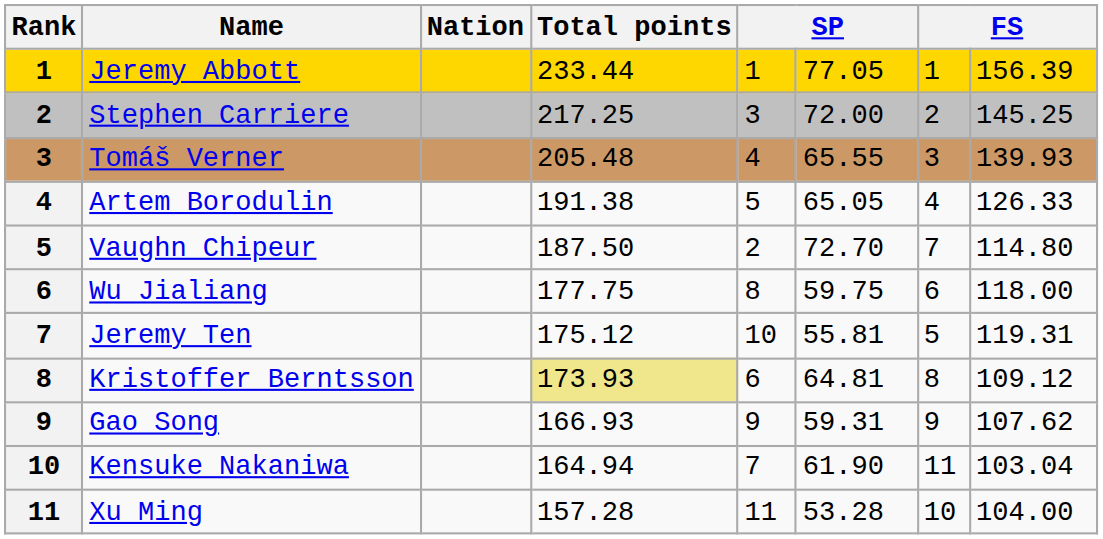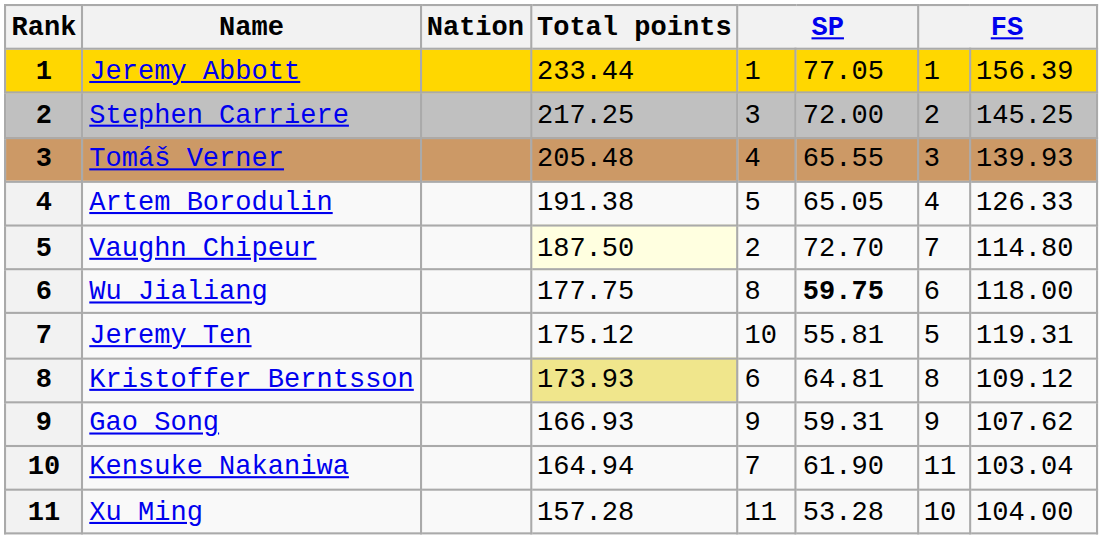 <table class="wikitable">
 <tr>
 <th>Rank</th>
 <th>Name</th>
 <th>Nation</th>
 <th>Total points</th>
 <th colspan="2" width="80px"><a href='#'>SP</a></th>
 <th colspan="2" width="80px"><a href='#'>FS</a></th>
 </tr>
 <tr bgcolor="gold">
 <td align="center"><strong>1</strong></td>
 <td><a href='#'>Jeremy Abbott</a></td>
 <td></td>
 <td>233.44</td>
 <td>1</td>
 <td>77.05</td>
 <td>1</td>
 <td>156.39</td>
 </tr>
 <tr bgcolor="silver">
 <td align="center"><strong>2</strong></td>
 <td><a href='#'>Stephen Carriere</a></td>
 <td></td>
 <td>217.25</td>
 <td>3</td>
 <td>72.00</td>
 <td>2</td>
 <td>145.25</td>
 </tr>
 <tr bgcolor="cc9966">
 <td align="center"><strong>3</strong></td>
 <td><a href='#'>Tomáš Verner</a></td>
 <td></td>
 <td>205.48</td>
 <td>4</td>
 <td>65.55</td>
 <td>3</td>
 <td>139.93</td>
 </tr>
 <tr>
 <th>4</th>
 <td><a href='#'>Artem Borodulin</a></td>
 <td></td>
 <td>191.38</td>
 <td>5</td>
 <td>65.05</td>
 <td>4</td>
 <td>126.33</td>
 </tr>
 <tr>
 <th>5</th>
 <td><a href='#'>Vaughn Chipeur</a></td>
 <td></td>
-<td>187.50</td>
+<td style="background: lightyellow;">187.50</td>
 <td>2</td>
 <td>72.70</td>
 <td>7</td>
 <td>114.80</td>
 </tr>
 <tr>
 <th>6</th>
 <td><a href='#'>Wu Jialiang</a></td>
 <td></td>
 <td>177.75</td>
 <td>8</td>
-<td>59.75</td>
+<td><strong>59.75</strong></td>
 <td>6</td>
 <td>118.00</td>
 </tr>
 <tr>
 <th>7</th>
 <td><a href='#'>Jeremy Ten</a></td>
 <td></td>
 <td>175.12</td>
 <td>10</td>
 <td>55.81</td>
 <td>5</td>
 <td>119.31</td>
 </tr>
 <tr>
 <th>8</th>
 <td><a href='#'>Kristoffer Berntsson</a></td>
 <td></td>
 <td style="background: khaki;">173.93</td>
 <td>6</td>
 <td>64.81</td>
 <td>8</td>
 <td>109.12</td>
 </tr>
 <tr>
 <th>9</th>
 <td><a href='#'>Gao Song</a></td>
 <td></td>
 <td>166.93</td>
 <td>9</td>
 <td>59.31</td>
 <td>9</td>
 <td>107.62</td>
 </tr>
 <tr>
 <th>10</th>
 <td><a href='#'>Kensuke Nakaniwa</a></td>
 <td></td>
 <td>164.94</td>
 <td>7</td>
 <td>61.90</td>
 <td>11</td>
 <td>103.04</td>
 </tr>
 <tr>
 <th>11</th>
 <td><a href='#'>Xu Ming</a></td>
 <td></td>
 <td>157.28</td>
 <td>11</td>
 <td>53.28</td>
 <td>10</td>
 <td>104.00</td>
 </tr>
 </table>
